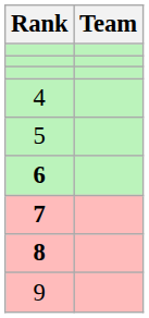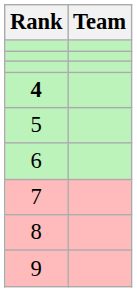 <table class=wikitable style="text-align:center;">
 <tr>
 <th>Rank</th>
 <th>Team</th>
 </tr>
 <tr bgcolor=bbf3bb>
 <td></td>
 <td align=left></td>
 </tr>
 <tr bgcolor=bbf3bb>
 <td></td>
 <td align=left></td>
 </tr>
 <tr bgcolor=bbf3bb>
 <td></td>
 <td align=left></td>
 </tr>
 <tr bgcolor=bbf3bb>
-<td>4</td>
+<td><strong>4</strong></td>
 <td align=left></td>
 </tr>
 <tr bgcolor=bbf3bb>
 <td>5</td>
 <td align=left></td>
 </tr>
 <tr bgcolor=bbf3bb>
-<td><strong>6</strong></td>
+<td>6</td>
 <td align=left></td>
 </tr>
 <tr bgcolor=ffbbbb>
-<td><strong>7</strong></td>
+<td>7</td>
 <td align=left></td>
 </tr>
 <tr bgcolor=ffbbbb>
-<td><strong>8</strong></td>
+<td>8</td>
 <td align=left></td>
 </tr>
 <tr bgcolor=ffbbbb>
 <td>9</td>
 <td align=left></td>
 </tr>
 </table>
